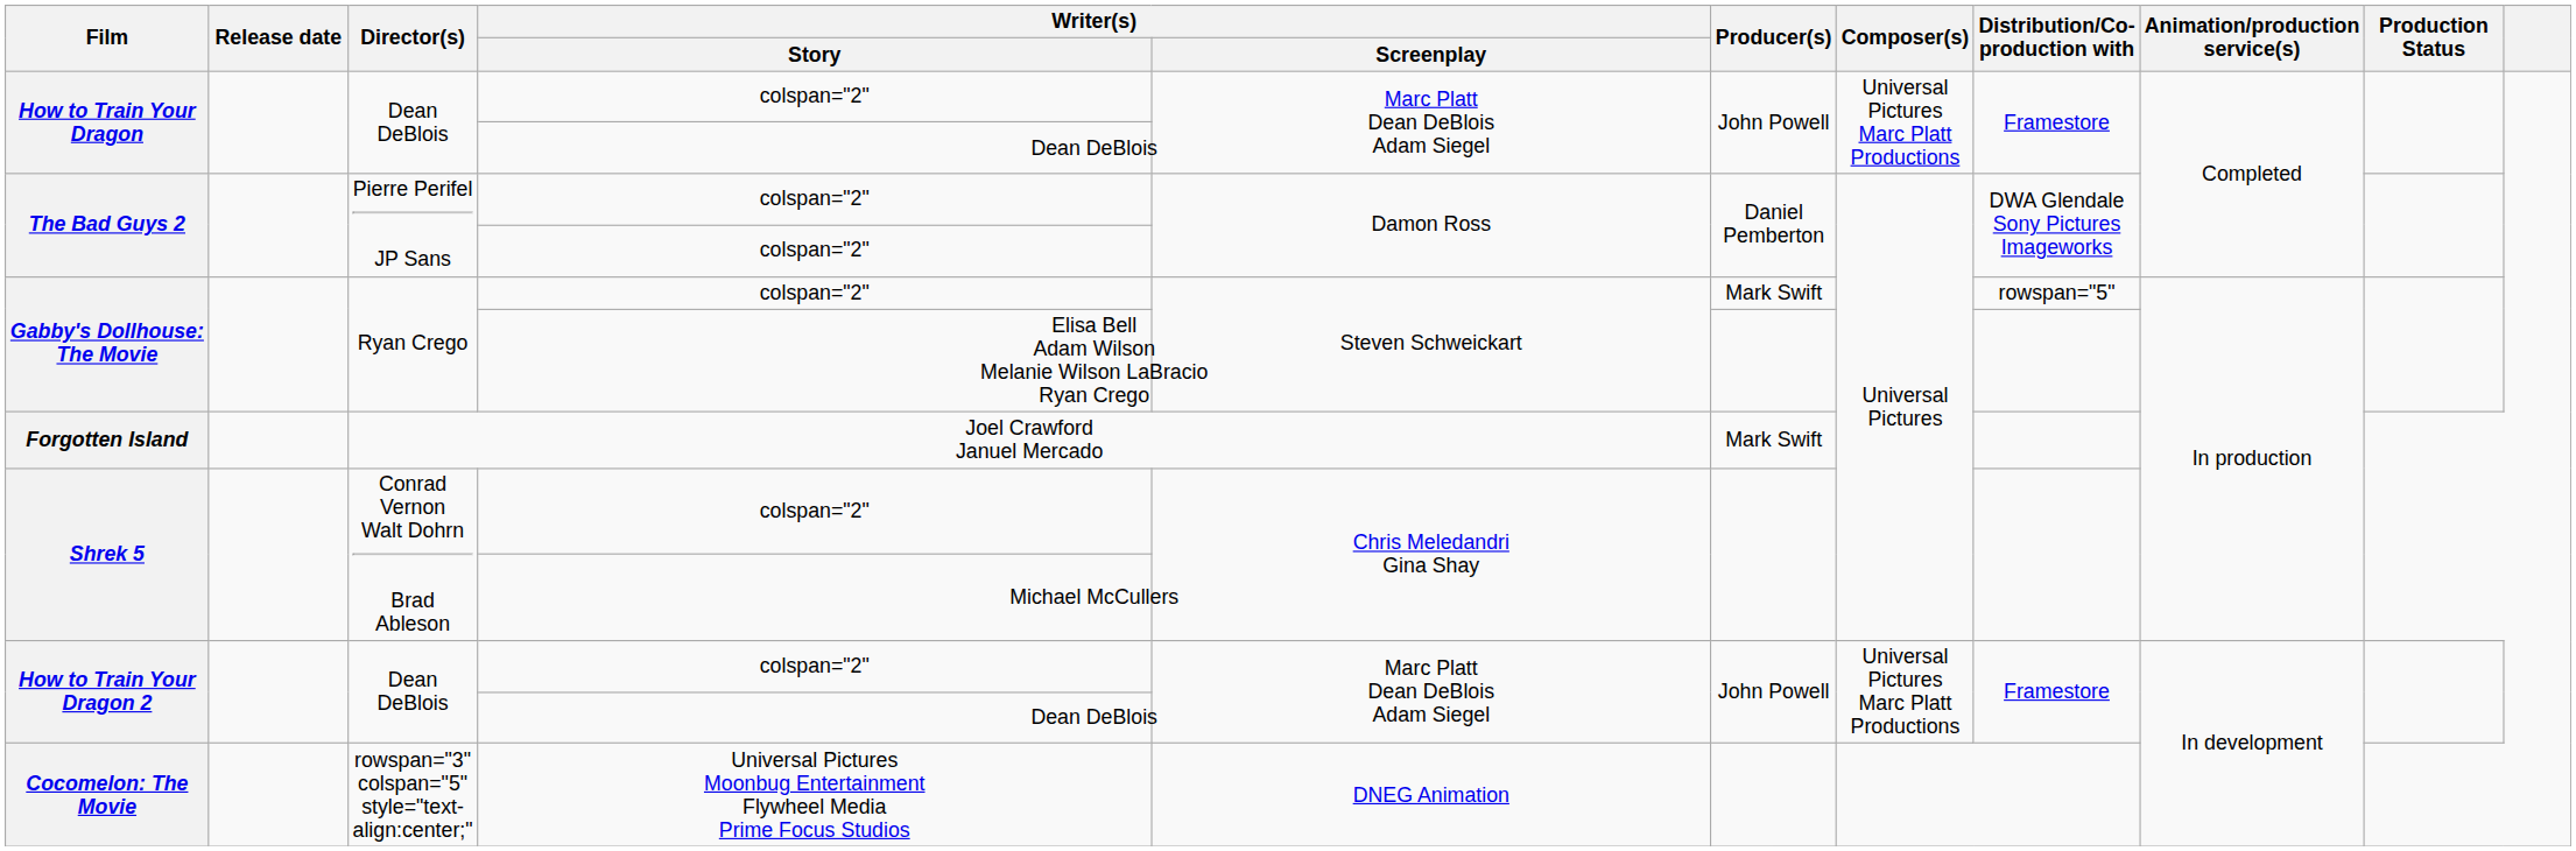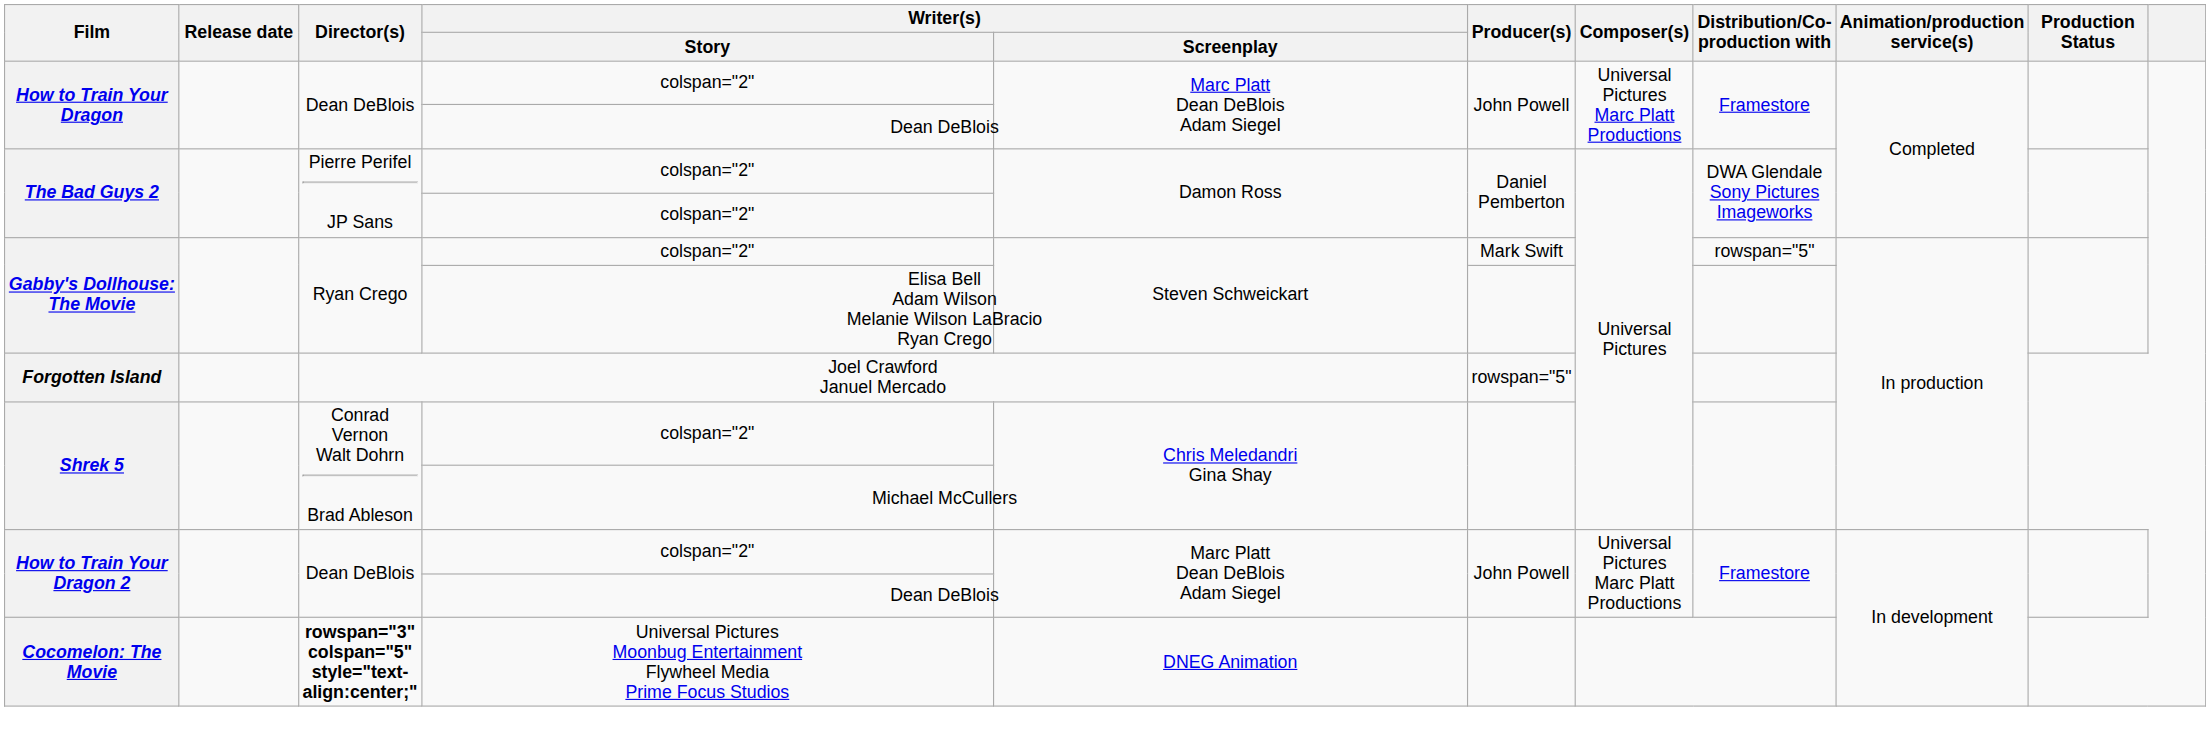 <table class="wikitable sortable plainrowheaders" style="text-align: center; margin=auto; width:100%;">
 <tr>
 <th rowspan="2" width="150">Film</th>
 <th rowspan="2" width="100">Release date</th>
 <th rowspan="2" width="90">Director(s)</th>
 <th colspan="2" width="185">Writer(s)</th>
 <th rowspan="2" width="50">Producer(s)</th>
 <th rowspan="2" width="50">Composer(s)</th>
 <th rowspan="2" width="100">Distribution/Co-production with</th>
 <th rowspan="2" width="75">Animation/production service(s)</th>
 <th rowspan="2" width="100">Production Status</th>
 <th rowspan="2" width="45" class="unsortable"></th>
 </tr>
 <tr>
 <th>Story</th>
 <th>Screenplay</th>
 </tr>
 <tr>
 <th rowspan="2" scope="row"><em><a href='#'>How to Train Your Dragon</a></em></th>
 <td rowspan="2"></td>
 <td rowspan="2">Dean DeBlois</td>
 <td>colspan="2" </td>
 <td rowspan="2"><a href='#'>Marc Platt</a><br>Dean DeBlois<br>Adam Siegel</td>
 <td rowspan="2" style="text-align:center;">John Powell</td>
 <td rowspan="2" style="text-align:center;">Universal Pictures<br><a href='#'>Marc Platt Productions</a></td>
 <td rowspan="2" style="text-align:center;"><a href='#'>Framestore</a><br></td>
 <td rowspan="4">Completed</td>
 <td rowspan="2"></td>
 </tr>
 <tr>
 <td colspan="2">Dean DeBlois</td>
 </tr>
 <tr>
 <th rowspan="2" scope="row"><em><a href='#'>The Bad Guys 2</a></em></th>
 <td rowspan="2"></td>
 <td rowspan="2">Pierre Perifel<hr><br>JP Sans</td>
 <td>colspan="2" </td>
 <td rowspan="2">Damon Ross</td>
 <td rowspan="2">Daniel Pemberton</td>
 <td rowspan="7">Universal Pictures</td>
 <td rowspan="2">DWA Glendale<br><a href='#'>Sony Pictures Imageworks</a></td>
 <td rowspan="2"></td>
 </tr>
 <tr>
 <td>colspan="2" </td>
 </tr>
 <tr>
 <th rowspan="2" scope="row"><em><a href='#'>Gabby's Dollhouse: The Movie</a></em></th>
 <td rowspan="2"></td>
 <td rowspan="2">Ryan Crego</td>
 <td>colspan="2" </td>
 <td rowspan="2">Steven Schweickart</td>
 <td>Mark Swift</td>
 <td>rowspan="5" </td>
 <td rowspan="5">In production</td>
 <td rowspan="2"></td>
 </tr>
 <tr>
 <td colspan="2">Elisa Bell<br>Adam Wilson<br>Melanie Wilson LaBracio<br>Ryan Crego</td>
 </tr>
 <tr>
 <th scope="row"><em>Forgotten Island</em></th>
 <td></td>
 <td colspan="3">Joel Crawford<br>Januel Mercado</td>
-<td>Mark Swift</td>
+<td>rowspan="5" </td>
 <td></td>
 </tr>
 <tr>
 <th rowspan="2" scope="row"><em><a href='#'>Shrek 5</a></em></th>
 <td rowspan="2"></td>
 <td rowspan="2">Conrad Vernon<br>Walt Dohrn<hr><br>Brad Ableson</td>
 <td>colspan="2" </td>
 <td rowspan="2"><a href='#'>Chris Meledandri</a><br>Gina Shay</td>
 <td rowspan="2"></td>
 </tr>
 <tr>
 <td colspan="2">Michael McCullers</td>
 </tr>
 <tr>
 <th rowspan="2" scope="row"><em><a href='#'>How to Train Your Dragon 2</a></em></th>
 <td rowspan="2"></td>
 <td rowspan="2">Dean DeBlois</td>
 <td>colspan="2" </td>
 <td rowspan="2">Marc Platt<br>Dean DeBlois<br>Adam Siegel</td>
 <td rowspan="2" style="text-align:center;">John Powell</td>
 <td rowspan="2" style="text-align:center;">Universal Pictures<br>Marc Platt Productions</td>
 <td rowspan="2" style="text-align:center;"><a href='#'>Framestore</a><br></td>
 <td rowspan="3">In development</td>
 <td rowspan="2"></td>
 </tr>
 <tr>
 <td colspan="2">Dean DeBlois</td>
 </tr>
 <tr>
 <th rowspan="2" scope="row"><em><a href='#'>Cocomelon: The Movie</a></em></th>
 <td rowspan="2"></td>
-<td>rowspan="3" colspan="5" style="text-align:center;" </td>
+<td><strong>rowspan="3" colspan="5" style="text-align:center;" </strong></td>
 <td rowspan="2" style="text-align:center;">Universal Pictures<br><a href='#'>Moonbug Entertainment</a><br>Flywheel Media<br><a href='#'>Prime Focus Studios</a></td>
 <td rowspan="2" style="text-align:center;"><a href='#'>DNEG Animation</a></td>
 <td rowspan="2"></td>
 </tr>
 </table>
